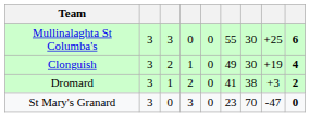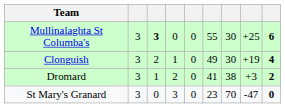 <table class="wikitable" style="text-align:center">
 <tr>
 <th style="width:175px;">Team</th>
 <th width="20"></th>
 <th width="20"></th>
 <th width="20"></th>
 <th width="20"></th>
 <th width="20"></th>
 <th width="20"></th>
 <th width="20"></th>
 <th width="20"></th>
 </tr>
 <tr style="background:#cfc;">
 <td><a href='#'>Mullinalaghta St Columba's</a></td>
 <td>3</td>
-<td>3</td>
+<td><strong>3</strong></td>
 <td>0</td>
 <td>0</td>
 <td>55</td>
 <td>30</td>
 <td>+25</td>
 <td><strong>6</strong></td>
 </tr>
 <tr style="background:#cfc;">
 <td><a href='#'>Clonguish</a></td>
 <td>3</td>
 <td>2</td>
 <td>1</td>
 <td>0</td>
 <td>49</td>
 <td>30</td>
 <td>+19</td>
 <td><strong>4</strong></td>
 </tr>
 <tr style="background:#cfc;">
 <td>Dromard</td>
 <td>3</td>
 <td>1</td>
 <td>2</td>
 <td>0</td>
 <td>41</td>
 <td>38</td>
 <td>+3</td>
 <td><strong>2</strong></td>
 </tr>
 <tr style="background:#f8f9fa;">
 <td>St Mary's Granard</td>
 <td>3</td>
 <td>0</td>
 <td>3</td>
 <td>0</td>
 <td>23</td>
 <td>70</td>
 <td>-47</td>
 <td><strong>0</strong></td>
 </tr>
 </table>
